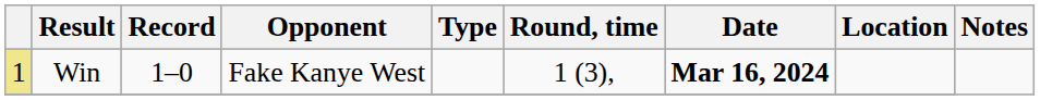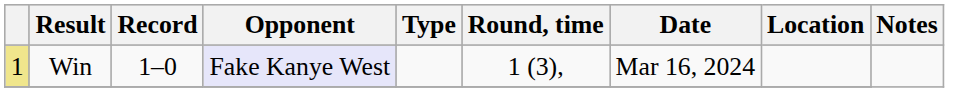 <table class="wikitable" style="text-align:center">
 <tr>
 <th></th>
 <th>Result</th>
 <th>Record</th>
 <th>Opponent</th>
 <th>Type</th>
 <th>Round, time</th>
 <th>Date</th>
 <th>Location</th>
 <th>Notes</th>
 </tr>
 <tr>
 <td style="background: khaki;">1</td>
 <td>Win</td>
 <td>1–0</td>
-<td align=left>Fake Kanye West</td>
+<td align=left style="background: lavender;">Fake Kanye West</td>
 <td></td>
 <td>1 (3), </td>
-<td><strong>Mar 16, 2024</strong></td>
+<td>Mar 16, 2024</td>
 <td style="text-align:left;"></td>
 </tr>
 <tr>
 </tr>
 </table>
